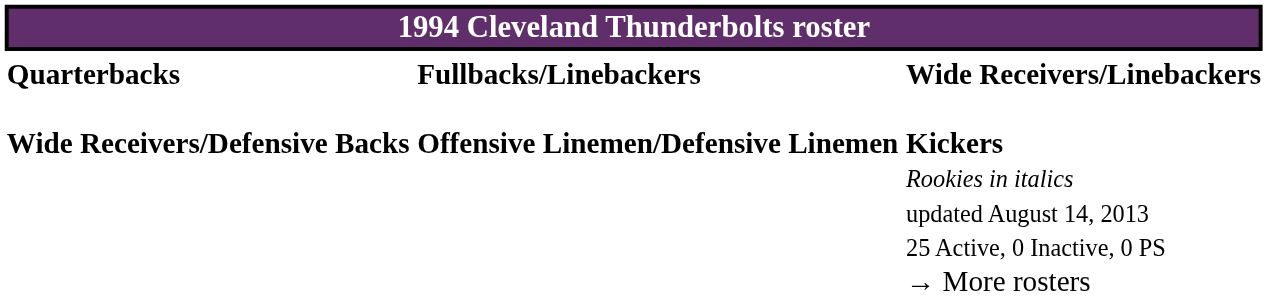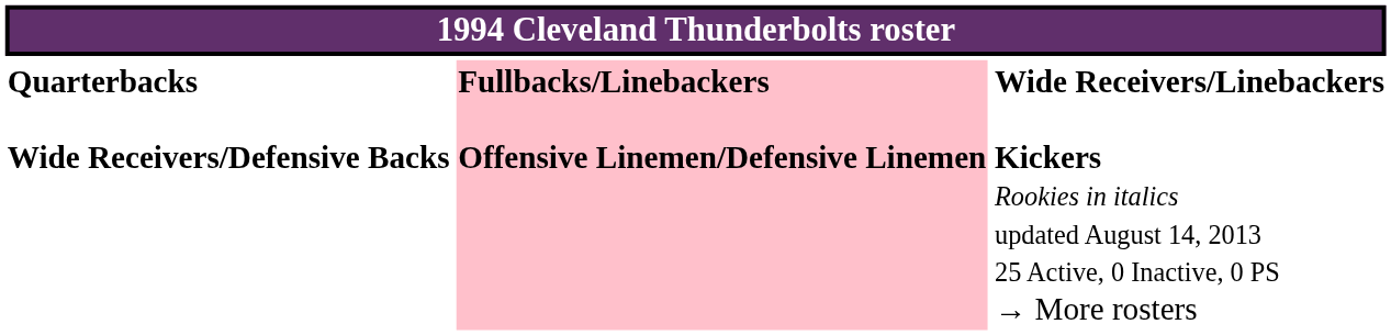 <table class="toccolours" style="text-align: left;">
 <tr>
 <th colspan="7" style="background:#602F6B; border:2px solid black; color:white; text-align:center;"><strong>1994 Cleveland Thunderbolts roster</strong></th>
 </tr>
 <tr>
 <td style="font-size: 95%;" valign="top"><strong>Quarterbacks</strong><br>   <br><strong>Wide Receivers/Defensive Backs</strong> </td>
-<td style="font-size: 95%;" valign="top"><strong>Fullbacks/Linebackers</strong><br>  <br><strong>Offensive Linemen/Defensive Linemen</strong></td>
+<td style="background: pink; font-size: 95%;" valign="top"><strong>Fullbacks/Linebackers</strong><br>  <br><strong>Offensive Linemen/Defensive Linemen</strong></td>
 <td style="font-size: 95%;" valign="top"><strong>Wide Receivers/Linebackers</strong><br><br><strong>Kickers</strong> <br><small><em>Rookies in italics</em><br> updated August 14, 2013</small><br> <small>25 Active, 0 Inactive, 0 PS</small><br>→ More rosters</td>
 </tr>
 <tr>
 </tr>
 </table>
